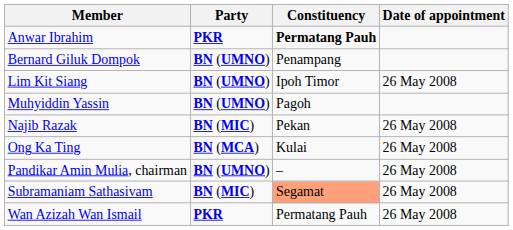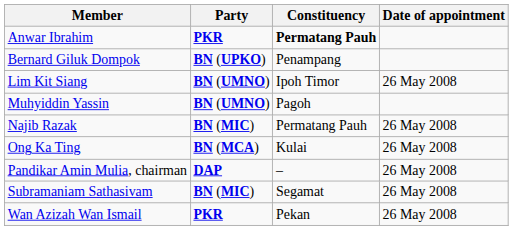 <table class=wikitable>
 <tr>
 <th>Member</th>
 <th>Party</th>
 <th>Constituency</th>
 <th>Date of appointment</th>
 </tr>
 <tr>
 <td><a href='#'>Anwar Ibrahim</a></td>
 <td><strong><a href='#'>PKR</a></strong></td>
 <td><strong>Permatang Pauh</strong></td>
 <td></td>
 </tr>
 <tr>
 <td><a href='#'>Bernard Giluk Dompok</a></td>
-<td><strong><a href='#'>BN</a></strong> (<strong><a href='#'>UMNO</a></strong>)</td>
+<td><strong><a href='#'>BN</a></strong> (<strong><a href='#'>UPKO</a></strong>)</td>
 <td>Penampang</td>
 <td></td>
 </tr>
 <tr>
 <td><a href='#'>Lim Kit Siang</a></td>
 <td><strong><a href='#'>BN</a></strong> (<strong><a href='#'>UMNO</a></strong>)</td>
 <td>Ipoh Timor</td>
 <td>26 May 2008</td>
 </tr>
 <tr>
 <td><a href='#'>Muhyiddin Yassin</a></td>
 <td><strong><a href='#'>BN</a></strong> (<strong><a href='#'>UMNO</a></strong>)</td>
 <td>Pagoh</td>
 <td></td>
 </tr>
 <tr>
 <td><a href='#'>Najib Razak</a></td>
 <td><strong><a href='#'>BN</a></strong> (<strong><a href='#'>MIC</a></strong>)</td>
-<td>Pekan</td>
+<td>Permatang Pauh</td>
 <td>26 May 2008</td>
 </tr>
 <tr>
 <td><a href='#'>Ong Ka Ting</a></td>
 <td><strong><a href='#'>BN</a></strong> (<strong><a href='#'>MCA</a></strong>)</td>
 <td>Kulai</td>
 <td>26 May 2008</td>
 </tr>
 <tr>
 <td><a href='#'>Pandikar Amin Mulia</a>, chairman</td>
-<td><strong><a href='#'>BN</a></strong> (<strong><a href='#'>UMNO</a></strong>)</td>
+<td><strong><a href='#'>DAP</a></strong></td>
 <td>–</td>
 <td>26 May 2008</td>
 </tr>
 <tr>
 <td><a href='#'>Subramaniam Sathasivam</a></td>
 <td><strong><a href='#'>BN</a></strong> (<strong><a href='#'>MIC</a></strong>)</td>
-<td style="background: lightsalmon;">Segamat</td>
+<td>Segamat</td>
 <td>26 May 2008</td>
 </tr>
 <tr>
 <td><a href='#'>Wan Azizah Wan Ismail</a></td>
 <td><strong><a href='#'>PKR</a></strong></td>
-<td>Permatang Pauh</td>
+<td>Pekan</td>
 <td>26 May 2008</td>
 </tr>
 </table>
